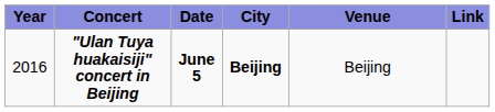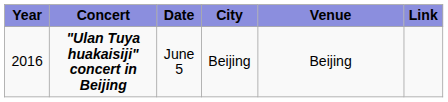 <table class="wikitable sortable mw-collapsible" width="80%" style="text-align:center">
 <tr align="center" style="background:#8B8EDE">
 <td style="width:2%"><strong>Year</strong></td>
 <td style="width:8%"><strong>Concert</strong></td>
 <td style="width:2%"><strong>Date</strong></td>
 <td style="width:2%"><strong>City</strong></td>
 <td style="width:18%"><strong>Venue</strong></td>
 <td style="width:1%"><strong>Link</strong></td>
 </tr>
 <tr>
 <td rowspan="2">2016</td>
 <td rowspan="2"><strong><em>"Ulan Tuya huakaisiji" concert in Beijing</em></strong></td>
-<td><strong>June 5</strong></td>
-<td><strong>Beijing</strong></td>
+<td>June 5</td>
+<td>Beijing</td>
 <td>Beijing</td>
 <td></td>
 </tr>
 </table>
